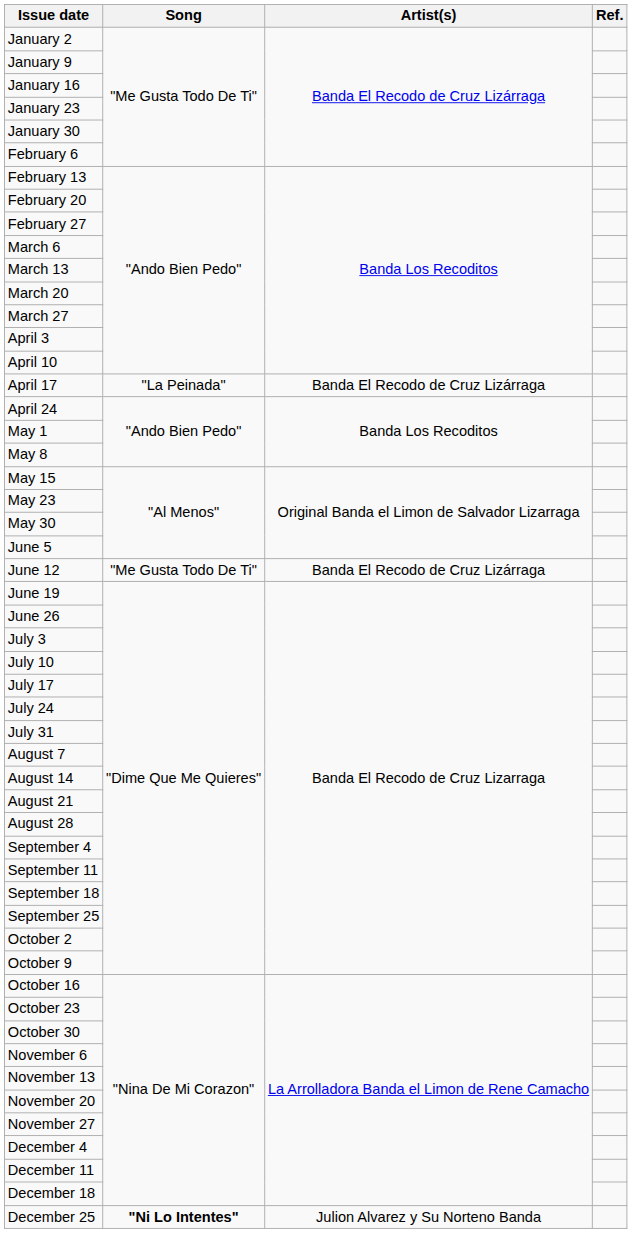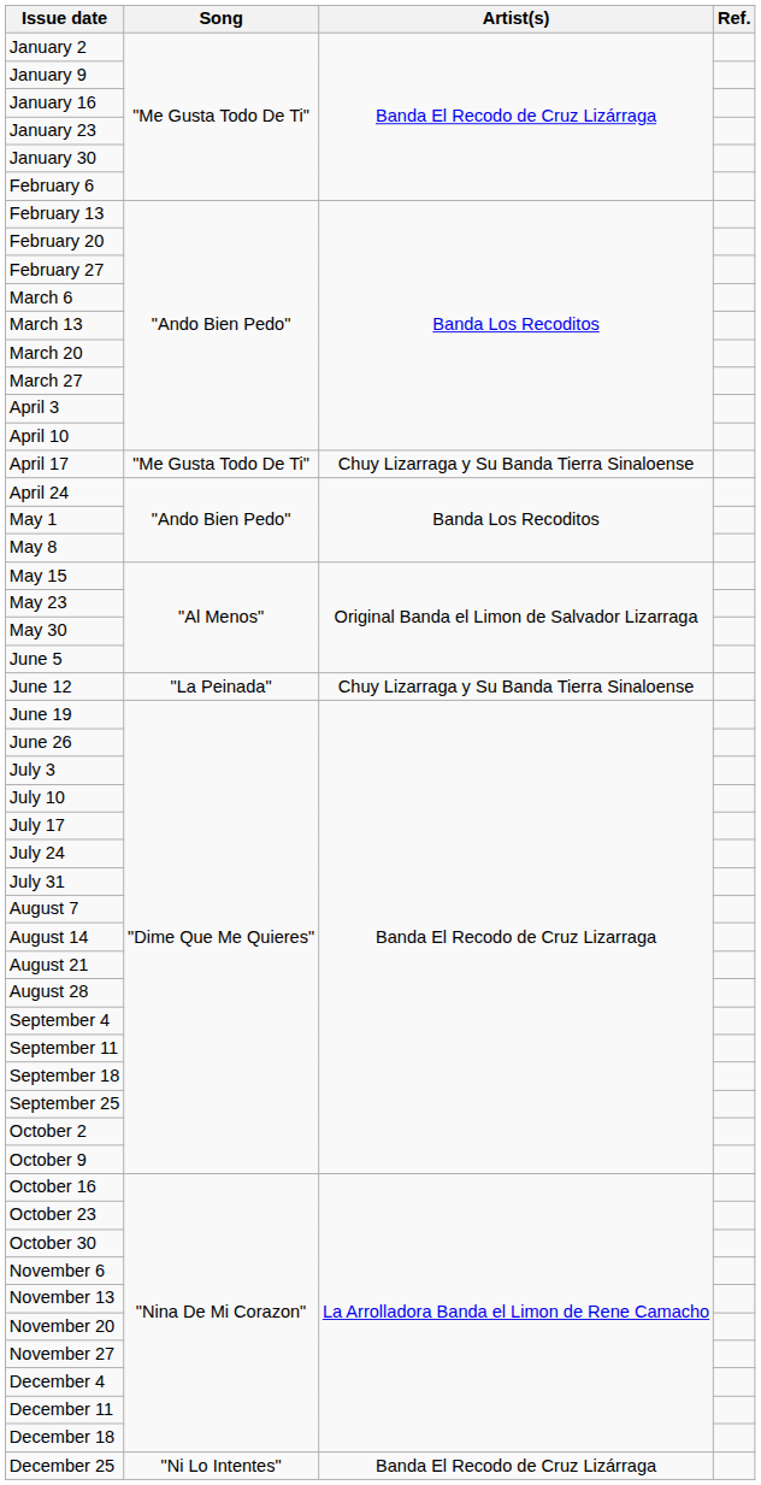 <table class="wikitable">
 <tr>
 <th>Issue date</th>
 <th>Song</th>
 <th>Artist(s)</th>
 <th>Ref.</th>
 </tr>
 <tr>
 <td>January 2</td>
 <td style="text-align: center;"rowspan="6">"Me Gusta Todo De Ti"</td>
 <td style="text-align: center;"rowspan="6"><a href='#'>Banda El Recodo de Cruz Lizárraga</a></td>
 <td style="text-align: center;"></td>
 </tr>
 <tr>
 <td>January 9</td>
 <td style="text-align: center;"></td>
 </tr>
 <tr>
 <td>January 16</td>
 <td style="text-align: center;"></td>
 </tr>
 <tr>
 <td>January 23</td>
 <td style="text-align: center;"></td>
 </tr>
 <tr>
 <td>January 30</td>
 <td style="text-align: center;"></td>
 </tr>
 <tr>
 <td>February 6</td>
 <td style="text-align: center;"></td>
 </tr>
 <tr>
 <td>February 13</td>
 <td style="text-align: center;"rowspan="9">"Ando Bien Pedo"</td>
 <td style="text-align: center;"rowspan="9"><a href='#'>Banda Los Recoditos</a></td>
 <td style="text-align: center;"></td>
 </tr>
 <tr>
 <td>February 20</td>
 <td style="text-align: center;"></td>
 </tr>
 <tr>
 <td>February 27</td>
 <td style="text-align: center;"></td>
 </tr>
 <tr>
 <td>March 6</td>
 <td style="text-align: center;"></td>
 </tr>
 <tr>
 <td>March 13</td>
 <td style="text-align: center;"></td>
 </tr>
 <tr>
 <td>March 20</td>
 <td style="text-align: center;"></td>
 </tr>
 <tr>
 <td>March 27</td>
 <td style="text-align: center;"></td>
 </tr>
 <tr>
 <td>April 3</td>
 <td style="text-align: center;"></td>
 </tr>
 <tr>
 <td>April 10</td>
 <td style="text-align: center;"></td>
 </tr>
 <tr>
 <td>April 17</td>
-<td style="text-align: center;">"La Peinada"</td>
-<td style="text-align: center;">Banda El Recodo de Cruz Lizárraga</td>
+<td style="text-align: center;">"Me Gusta Todo De Ti"</td>
+<td style="text-align: center;">Chuy Lizarraga y Su Banda Tierra Sinaloense</td>
 <td style="text-align: center;"></td>
 </tr>
 <tr>
 <td>April 24</td>
 <td style="text-align: center;"rowspan=3>"Ando Bien Pedo"</td>
 <td style="text-align: center;"rowspan=3>Banda Los Recoditos</td>
 <td style="text-align: center;"></td>
 </tr>
 <tr>
 <td>May 1</td>
 <td style="text-align: center;"></td>
 </tr>
 <tr>
 <td>May 8</td>
 <td style="text-align: center;"></td>
 </tr>
 <tr>
 <td>May 15</td>
 <td style="text-align: center;"rowspan=4>"Al Menos"</td>
 <td style="text-align: center;"rowspan=4>Original Banda el Limon de Salvador Lizarraga</td>
 <td style="text-align: center;"></td>
 </tr>
 <tr>
 <td>May 23</td>
 <td style="text-align: center;"></td>
 </tr>
 <tr>
 <td>May 30</td>
 <td style="text-align: center;"></td>
 </tr>
 <tr>
 <td>June 5</td>
 <td style="text-align: center;"></td>
 </tr>
 <tr>
 <td>June 12</td>
-<td style="text-align: center;">"Me Gusta Todo De Ti"</td>
-<td style="text-align: center;">Banda El Recodo de Cruz Lizárraga</td>
+<td style="text-align: center;">"La Peinada"</td>
+<td style="text-align: center;">Chuy Lizarraga y Su Banda Tierra Sinaloense</td>
 <td style="text-align: center;"></td>
 </tr>
 <tr>
 <td>June 19</td>
 <td style="text-align: center;"rowspan=17>"Dime Que Me Quieres"</td>
 <td style="text-align: center;"rowspan=17>Banda El Recodo de Cruz Lizarraga</td>
 <td style="text-align: center;"></td>
 </tr>
 <tr>
 <td>June 26</td>
 <td style="text-align: center;"></td>
 </tr>
 <tr>
 <td>July 3</td>
 <td style="text-align: center;"></td>
 </tr>
 <tr>
 <td>July 10</td>
 <td style="text-align: center;"></td>
 </tr>
 <tr>
 <td>July 17</td>
 <td style="text-align: center;"></td>
 </tr>
 <tr>
 <td>July 24</td>
 <td style="text-align: center;"></td>
 </tr>
 <tr>
 <td>July 31</td>
 <td style="text-align: center;"></td>
 </tr>
 <tr>
 <td>August 7</td>
 <td style="text-align: center;"></td>
 </tr>
 <tr>
 <td>August 14</td>
 <td style="text-align: center;"></td>
 </tr>
 <tr>
 <td>August 21</td>
 <td style="text-align: center;"></td>
 </tr>
 <tr>
 <td>August 28</td>
 <td style="text-align: center;"></td>
 </tr>
 <tr>
 <td>September 4</td>
 <td style="text-align: center;"></td>
 </tr>
 <tr>
 <td>September 11</td>
 <td style="text-align: center;"></td>
 </tr>
 <tr>
 <td>September 18</td>
 <td style="text-align: center;"></td>
 </tr>
 <tr>
 <td>September 25</td>
 <td style="text-align: center;"></td>
 </tr>
 <tr>
 <td>October 2</td>
 <td style="text-align: center;"></td>
 </tr>
 <tr>
 <td>October 9</td>
 <td style="text-align: center;"></td>
 </tr>
 <tr>
 <td>October 16</td>
 <td style="text-align: center;"rowspan=10>"Nina De Mi Corazon"</td>
 <td style="text-align: center;"rowspan=10><a href='#'>La Arrolladora Banda el Limon de Rene Camacho</a></td>
 <td style="text-align: center;"></td>
 </tr>
 <tr>
 <td>October 23</td>
 <td style="text-align: center;"></td>
 </tr>
 <tr>
 <td>October 30</td>
 <td style="text-align: center;"></td>
 </tr>
 <tr>
 <td>November 6</td>
 <td style="text-align: center;"></td>
 </tr>
 <tr>
 <td>November 13</td>
 <td style="text-align: center;"></td>
 </tr>
 <tr>
 <td>November 20</td>
 <td style="text-align: center;"></td>
 </tr>
 <tr>
 <td>November 27</td>
 <td style="text-align: center;"></td>
 </tr>
 <tr>
 <td>December 4</td>
 <td style="text-align: center;"></td>
 </tr>
 <tr>
 <td>December 11</td>
 <td style="text-align: center;"></td>
 </tr>
 <tr>
 <td>December 18</td>
 <td style="text-align: center;"></td>
 </tr>
 <tr>
 <td>December 25</td>
-<td style="text-align: center;"><strong>"Ni Lo Intentes"</strong></td>
-<td style="text-align: center;">Julion Alvarez y Su Norteno Banda</td>
+<td style="text-align: center;">"Ni Lo Intentes"</td>
+<td style="text-align: center;">Banda El Recodo de Cruz Lizárraga</td>
 <td style="text-align: center;"></td>
 </tr>
 </table>
